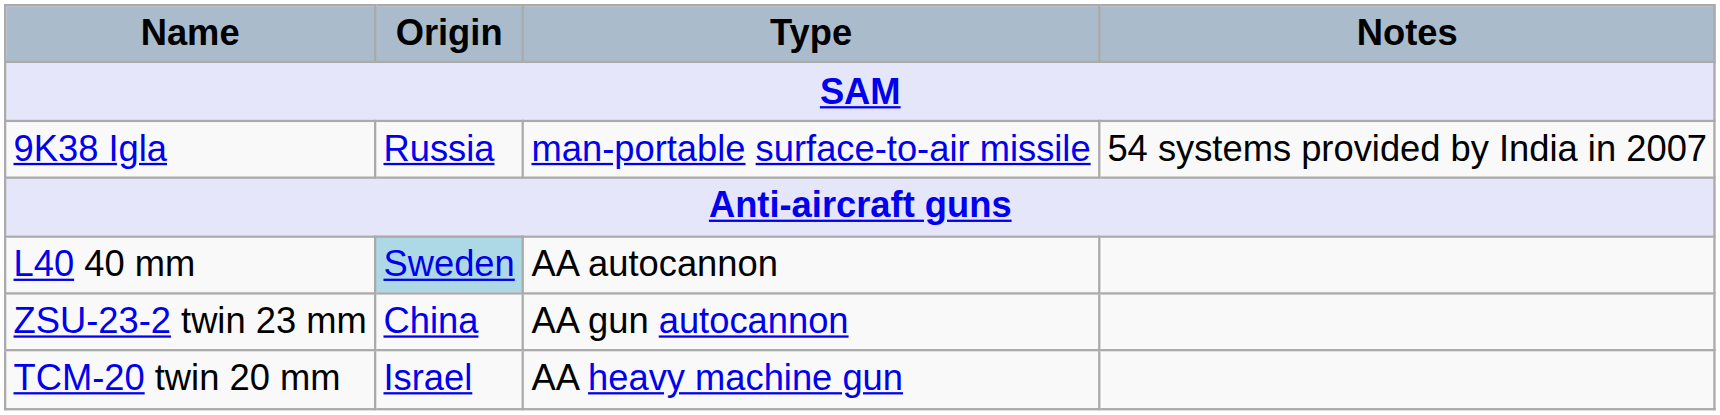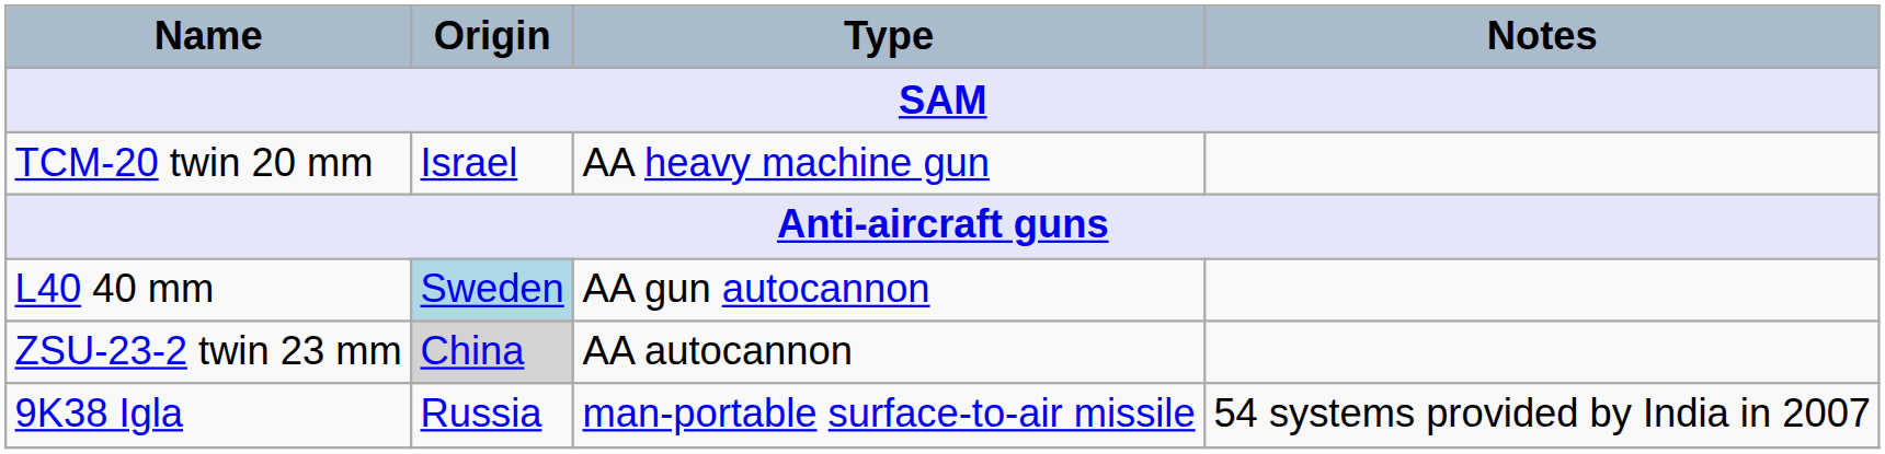 <table class="wikitable">
 <tr>
 <th style="text-align:center; background:#aabccc;">Name</th>
 <th style="text-align: center; background:#aabccc;">Origin</th>
 <th style="text-align:l center; background:#aabccc;">Type</th>
 <th style="text-align: center; background:#aabccc;">Notes</th>
 </tr>
 <tr>
 <th style="align: center; background: lavender;" colspan="4"><a href='#'>SAM</a></th>
 </tr>
 <tr>
-<td><a href='#'>9K38 Igla</a></td>
-<td><a href='#'>Russia</a></td>
-<td><a href='#'>man-portable</a> <a href='#'>surface-to-air missile</a></td>
-<td>54 systems provided by India in 2007</td>
+<td><a href='#'>TCM-20</a> twin 20 mm</td>
+<td><a href='#'>Israel</a></td>
+<td>AA <a href='#'>heavy machine gun</a></td>
+<td></td>
 </tr>
 <tr>
 <th style="align: center; background: lavender;" colspan="4"><a href='#'>Anti-aircraft guns</a></th>
 </tr>
 <tr>
 <td><a href='#'>L40</a> 40 mm</td>
 <td style="background: lightblue;"><a href='#'>Sweden</a></td>
+<td>AA gun <a href='#'>autocannon</a></td>
+<td></td>
+</tr>
+<tr>
+<td><a href='#'>ZSU-23-2</a> twin 23 mm</td>
+<td style="background: lightgrey;"><a href='#'>China</a></td>
 <td>AA autocannon</td>
 <td></td>
 </tr>
 <tr>
-<td><a href='#'>ZSU-23-2</a> twin 23 mm</td>
-<td><a href='#'>China</a></td>
-<td>AA gun <a href='#'>autocannon</a></td>
-<td></td>
-</tr>
-<tr>
-<td><a href='#'>TCM-20</a> twin 20 mm</td>
-<td><a href='#'>Israel</a></td>
-<td>AA <a href='#'>heavy machine gun</a></td>
-<td></td>
+<td><a href='#'>9K38 Igla</a></td>
+<td><a href='#'>Russia</a></td>
+<td><a href='#'>man-portable</a> <a href='#'>surface-to-air missile</a></td>
+<td>54 systems provided by India in 2007</td>
 </tr>
 </table>
